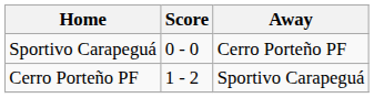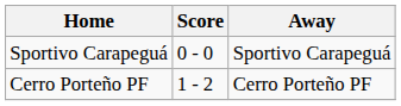 <table class="wikitable sortable">
 <tr>
 <th>Home</th>
 <th>Score</th>
 <th>Away</th>
 </tr>
 <tr>
 <td>Sportivo Carapeguá</td>
 <td>0 - 0</td>
-<td>Cerro Porteño PF</td>
+<td>Sportivo Carapeguá</td>
 </tr>
 <tr>
 <td>Cerro Porteño PF</td>
 <td>1 - 2</td>
-<td>Sportivo Carapeguá</td>
+<td>Cerro Porteño PF</td>
 </tr>
 <tr>
 </tr>
 </table>
